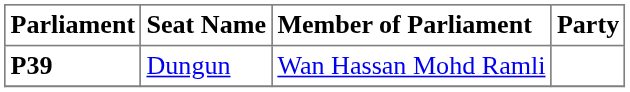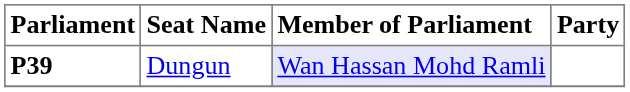 <table class="toccolours sortable" border="1" cellpadding="3" style="border-collapse:collapse; text-align: left;">
 <tr>
 <th align="center">Parliament</th>
 <th>Seat Name</th>
 <th>Member of Parliament</th>
 <th>Party</th>
 </tr>
 <tr>
 <th align="left">P39</th>
 <td><a href='#'>Dungun</a></td>
-<td><a href='#'>Wan Hassan Mohd Ramli</a></td>
+<td style="background: lavender;"><a href='#'>Wan Hassan Mohd Ramli</a></td>
 <td></td>
 </tr>
 <tr>
 </tr>
 </table>
